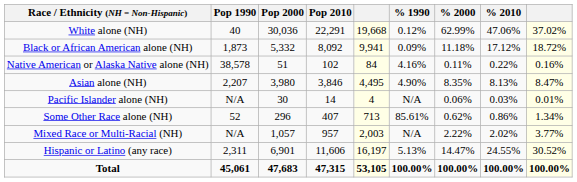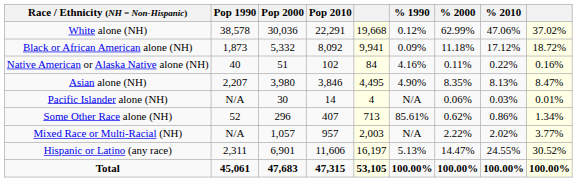 <table class="wikitable" style="text-align:center;">
 <tr>
 <th>Race / Ethnicity <small>(<em>NH = Non-Hispanic</em>)</small></th>
 <th>Pop 1990</th>
 <th>Pop 2000</th>
 <th>Pop 2010</th>
 <th></th>
 <th>% 1990</th>
 <th>% 2000</th>
 <th>% 2010</th>
 <th></th>
 </tr>
 <tr>
 <td><a href='#'>White</a> alone (NH)</td>
-<td>40</td>
+<td>38,578</td>
 <td>30,036</td>
 <td>22,291</td>
 <td style='background: #ffffe6;'>19,668</td>
 <td>0.12%</td>
 <td>62.99%</td>
 <td>47.06%</td>
 <td style='background: #ffffe6;'>37.02%</td>
 </tr>
 <tr>
 <td><a href='#'>Black or African American</a> alone (NH)</td>
 <td>1,873</td>
 <td>5,332</td>
 <td>8,092</td>
 <td style='background: #ffffe6;'>9,941</td>
 <td>0.09%</td>
 <td>11.18%</td>
 <td>17.12%</td>
 <td style='background: #ffffe6;'>18.72%</td>
 </tr>
 <tr>
 <td><a href='#'>Native American</a> or <a href='#'>Alaska Native</a> alone (NH)</td>
-<td>38,578</td>
+<td>40</td>
 <td>51</td>
 <td>102</td>
 <td style='background: #ffffe6;'>84</td>
 <td>4.16%</td>
 <td>0.11%</td>
 <td>0.22%</td>
 <td style='background: #ffffe6;'>0.16%</td>
 </tr>
 <tr>
 <td><a href='#'>Asian</a> alone (NH)</td>
 <td>2,207</td>
 <td>3,980</td>
 <td>3,846</td>
 <td style='background: #ffffe6;'>4,495</td>
 <td>4.90%</td>
 <td>8.35%</td>
 <td>8.13%</td>
 <td style='background: #ffffe6;'>8.47%</td>
 </tr>
 <tr>
 <td><a href='#'>Pacific Islander</a> alone (NH)</td>
 <td>N/A</td>
 <td>30</td>
 <td>14</td>
 <td style='background: #ffffe6;'>4</td>
 <td>N/A</td>
 <td>0.06%</td>
 <td>0.03%</td>
 <td style='background: #ffffe6;'>0.01%</td>
 </tr>
 <tr>
 <td><a href='#'>Some Other Race</a> alone (NH)</td>
 <td>52</td>
 <td>296</td>
 <td>407</td>
 <td style='background: #ffffe6;'>713</td>
 <td>85.61%</td>
 <td>0.62%</td>
 <td>0.86%</td>
 <td style='background: #ffffe6;'>1.34%</td>
 </tr>
 <tr>
 <td><a href='#'>Mixed Race or Multi-Racial</a> (NH)</td>
 <td>N/A</td>
 <td>1,057</td>
 <td>957</td>
 <td style='background: #ffffe6;'>2,003</td>
 <td>N/A</td>
 <td>2.22%</td>
 <td>2.02%</td>
 <td style='background: #ffffe6;'>3.77%</td>
 </tr>
 <tr>
 <td><a href='#'>Hispanic or Latino</a> (any race)</td>
 <td>2,311</td>
 <td>6,901</td>
 <td>11,606</td>
 <td style='background: #ffffe6;'>16,197</td>
 <td>5.13%</td>
 <td>14.47%</td>
 <td>24.55%</td>
 <td style='background: #ffffe6;'>30.52%</td>
 </tr>
 <tr>
 <td><strong>Total</strong></td>
 <td><strong>45,061</strong></td>
 <td><strong>47,683</strong></td>
 <td><strong>47,315</strong></td>
 <td style='background: #ffffe6;'><strong>53,105</strong></td>
 <td><strong>100.00%</strong></td>
 <td><strong>100.00%</strong></td>
 <td><strong>100.00%</strong></td>
 <td style='background: #ffffe6;'><strong>100.00%</strong></td>
 </tr>
 </table>
